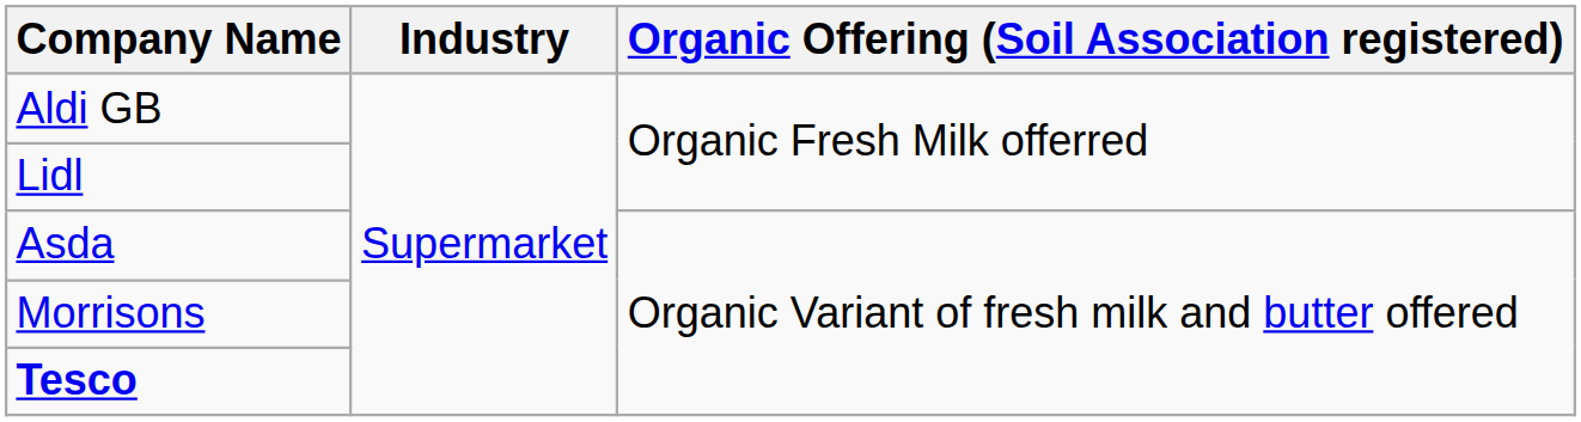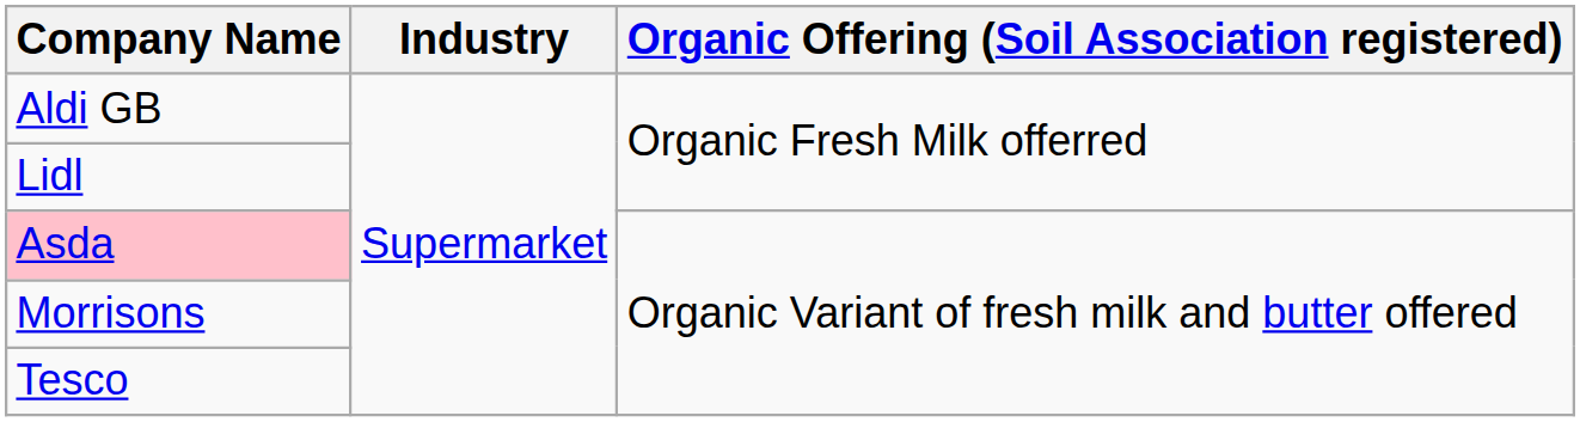 <table class="wikitable">
 <tr>
 <th>Company Name</th>
 <th>Industry</th>
 <th><a href='#'>Organic</a> Offering (<a href='#'>Soil Association</a> registered)</th>
 </tr>
 <tr>
 <td><a href='#'>Aldi</a> GB</td>
 <td rowspan="5"><a href='#'>Supermarket</a></td>
 <td rowspan="2">Organic Fresh Milk offerred</td>
 </tr>
 <tr>
 <td><a href='#'>Lidl</a></td>
 </tr>
 <tr>
-<td><a href='#'>Asda</a></td>
+<td style="background: pink;"><a href='#'>Asda</a></td>
 <td rowspan="3">Organic Variant of fresh milk and <a href='#'>butter</a> offered</td>
 </tr>
 <tr>
 <td><a href='#'>Morrisons</a></td>
 </tr>
 <tr>
-<td><strong><a href='#'>Tesco</a></strong></td>
+<td><a href='#'>Tesco</a></td>
 </tr>
 </table>
